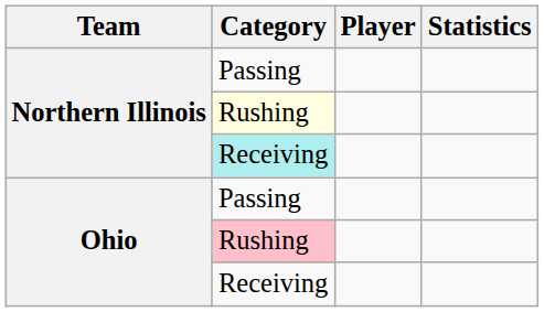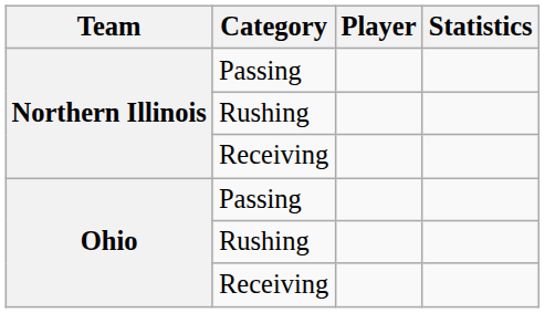 <table class="wikitable" style="float:right">
 <tr>
 <th>Team</th>
 <th>Category</th>
 <th>Player</th>
 <th>Statistics</th>
 </tr>
 <tr>
 <th rowspan=3>Northern Illinois</th>
 <td>Passing</td>
 <td></td>
 <td></td>
 </tr>
 <tr>
-<td style="background: lightyellow;">Rushing</td>
+<td>Rushing</td>
 <td></td>
 <td></td>
 </tr>
 <tr>
-<td style="background: paleturquoise;">Receiving</td>
+<td>Receiving</td>
 <td></td>
 <td></td>
 </tr>
 <tr>
 <th rowspan=3>Ohio</th>
 <td>Passing</td>
 <td></td>
 <td></td>
 </tr>
 <tr>
-<td style="background: pink;">Rushing</td>
+<td>Rushing</td>
 <td></td>
 <td></td>
 </tr>
 <tr>
 <td>Receiving</td>
 <td></td>
 <td></td>
 </tr>
 </table>
